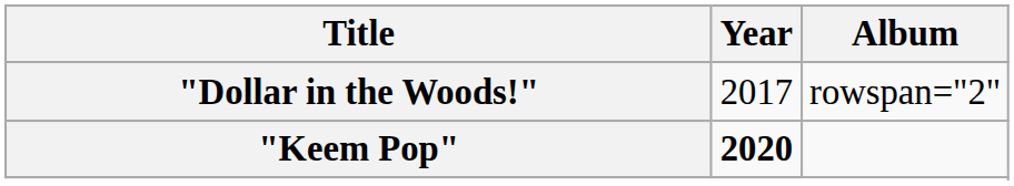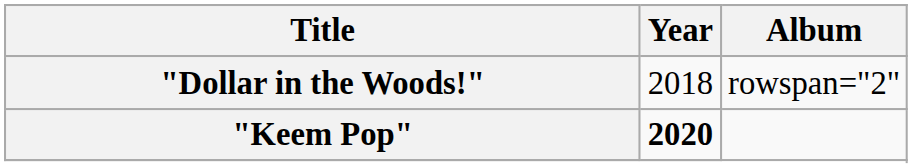 <table class="wikitable plainrowheaders" style="text-align:center;">
 <tr>
 <th scope="col" style="width:19em;">Title</th>
 <th scope="col">Year</th>
 <th scope="col">Album</th>
 </tr>
 <tr>
 <th scope="row">"Dollar in the Woods!"</th>
-<td>2017</td>
+<td>2018</td>
 <td>rowspan="2" </td>
 </tr>
 <tr>
 <th scope="row">"Keem Pop"</th>
 <td><strong>2020</strong></td>
 </tr>
 <tr>
 </tr>
 </table>
